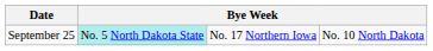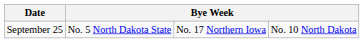 <table class="wikitable" style="font-size:95%;">
 <tr>
 <th>Date</th>
 <th colspan="3">Bye Week</th>
 </tr>
 <tr>
 <td>September 25</td>
-<td style="background: paleturquoise;">No. 5 <a href='#'>North Dakota State</a></td>
+<td>No. 5 <a href='#'>North Dakota State</a></td>
 <td>No. 17 <a href='#'>Northern Iowa</a></td>
 <td>No. 10 <a href='#'>North Dakota</a></td>
 </tr>
 </table>
